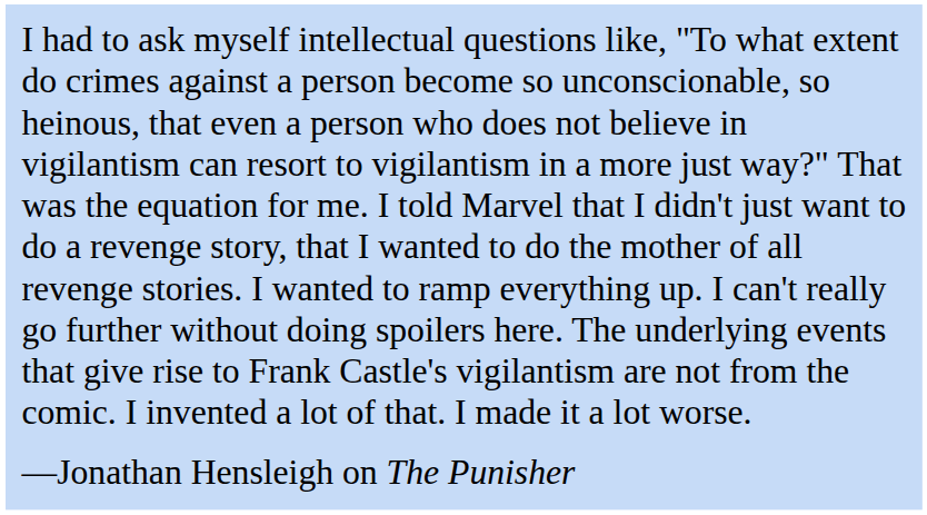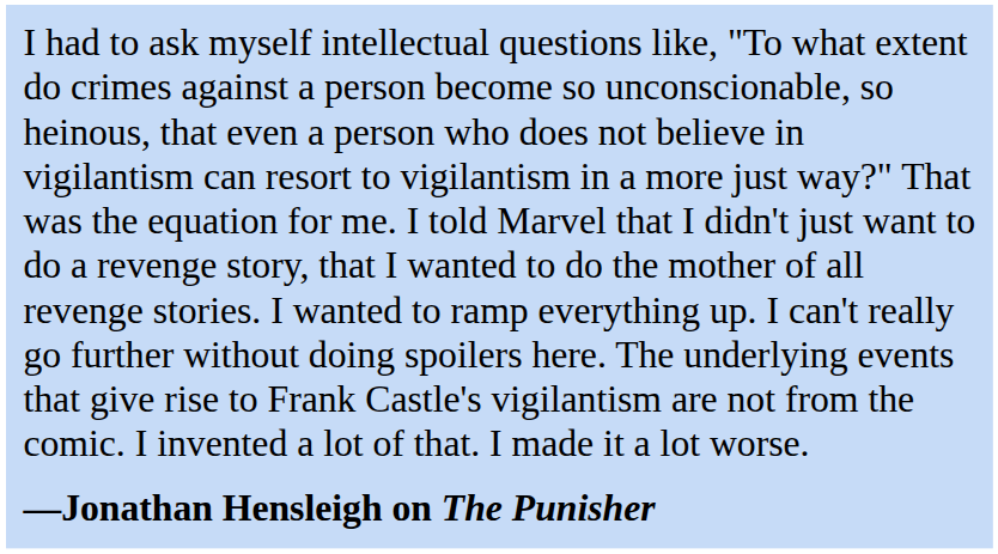 <table class="toccolours" style="float: right; margin-left: 1em; margin-right: 2em; font-size: 85%; background:#c6dbf7; color:black; width:30em; max-width: 40%;" cellspacing="5">
 <tr>
 <td style="text-align: left;">I had to ask myself intellectual questions like, "To what extent do crimes against a person become so unconscionable, so heinous, that even a person who does not believe in vigilantism can resort to vigilantism in a more just way?" That was the equation for me. I told Marvel that I didn't just want to do a revenge story, that I wanted to do the mother of all revenge stories. I wanted to ramp everything up. I can't really go further without doing spoilers here. The underlying events that give rise to Frank Castle's vigilantism are not from the comic. I invented a lot of that. I made it a lot worse.</td>
 </tr>
 <tr>
-<td style="text-align: left;">—Jonathan Hensleigh on <em>The Punisher</em></td>
+<td style="text-align: left;"><strong>—Jonathan Hensleigh on <em>The Punisher</em></strong></td>
 </tr>
 </table>
